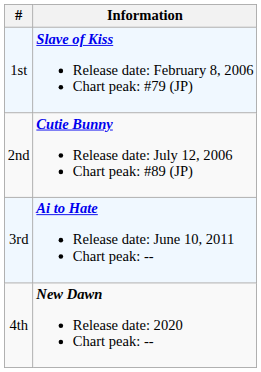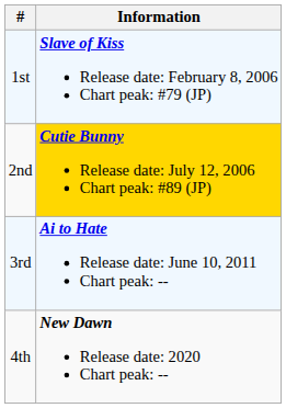 <table class="wikitable">
 <tr>
 <th align="center">#</th>
 <th align="left">Information</th>
 </tr>
 <tr bgcolor="#F0F8FF">
 <td align="center">1st</td>
 <td><strong><em><a href='#'>Slave of Kiss</a></em></strong><br><ul><li>Release date: February 8, 2006</li><li>Chart peak: #79 (JP)</li></ul></td>
 </tr>
 <tr>
 <td align="center">2nd</td>
-<td><strong><em><a href='#'>Cutie Bunny</a></em></strong><br><ul><li>Release date: July 12, 2006</li><li>Chart peak: #89 (JP)</li></ul></td>
+<td style="background: gold;"><strong><em><a href='#'>Cutie Bunny</a></em></strong><br><ul><li>Release date: July 12, 2006</li><li>Chart peak: #89 (JP)</li></ul></td>
 </tr>
 <tr bgcolor="#F0F8FF">
 <td align="center">3rd</td>
 <td><strong><em><a href='#'>Ai to Hate</a></em></strong><br><ul><li>Release date: June 10, 2011</li><li>Chart peak: --</li></ul></td>
 </tr>
 <tr>
 <td align="center">4th</td>
 <td><strong><em>New Dawn</em></strong><br><ul><li>Release date: 2020</li><li>Chart peak: --</li></ul></td>
 </tr>
 </table>
